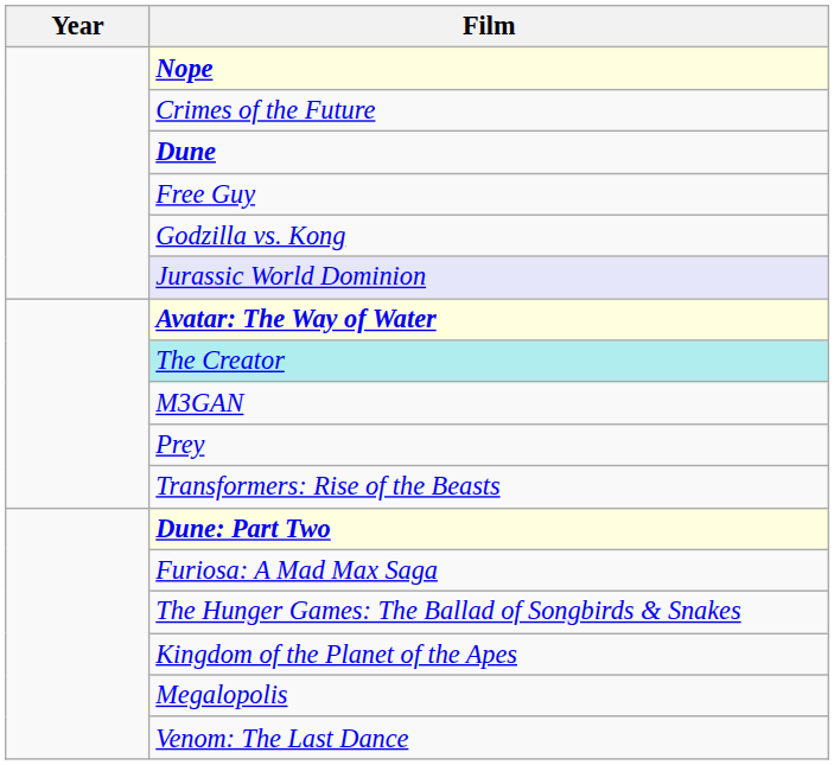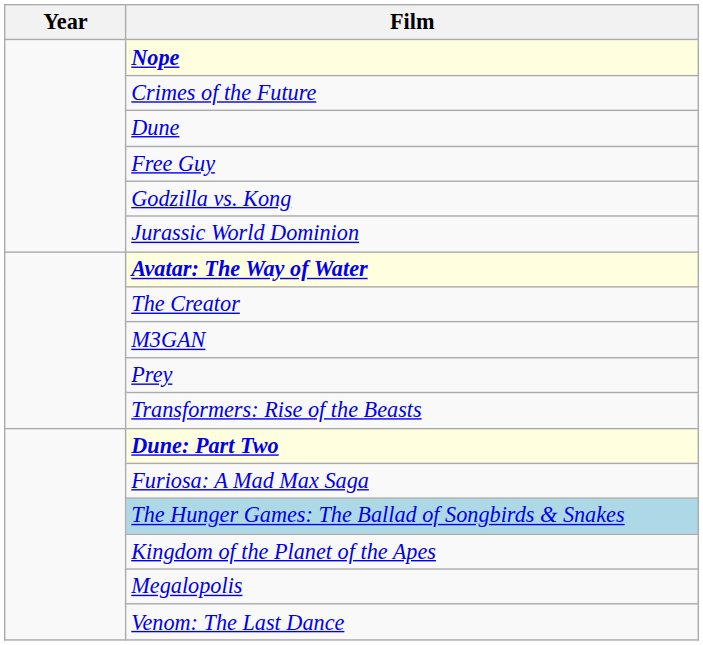 <table width="500" align="centre" class="wikitable">
 <tr>
 <th width="80">Year</th>
 <th>Film</th>
 </tr>
 <tr>
 <td rowspan=6></td>
 <td style="background:lightyellow"><strong><em><a href='#'>Nope</a></em></strong></td>
 </tr>
 <tr>
 <td><em><a href='#'>Crimes of the Future</a></em></td>
 </tr>
 <tr>
-<td><strong><em><a href='#'>Dune</a></em></strong></td>
+<td><em><a href='#'>Dune</a></em></td>
 </tr>
 <tr>
 <td><em><a href='#'>Free Guy</a></em></td>
 </tr>
 <tr>
 <td><em><a href='#'>Godzilla vs. Kong</a></em></td>
 </tr>
 <tr>
-<td style="background: lavender;"><em><a href='#'>Jurassic World Dominion</a></em></td>
+<td><em><a href='#'>Jurassic World Dominion</a></em></td>
 </tr>
 <tr>
 <td rowspan="5"></td>
 <td style="background:lightyellow"><strong><em><a href='#'>Avatar: The Way of Water</a></em></strong></td>
 </tr>
 <tr>
-<td style="background: paleturquoise;"><em><a href='#'>The Creator</a></em></td>
+<td><em><a href='#'>The Creator</a></em></td>
 </tr>
 <tr>
 <td><em><a href='#'>M3GAN</a></em></td>
 </tr>
 <tr>
 <td><em><a href='#'>Prey</a></em></td>
 </tr>
 <tr>
 <td><em><a href='#'>Transformers: Rise of the Beasts</a></em></td>
 </tr>
 <tr>
 <td rowspan="6"></td>
 <td style="background:lightyellow"><strong><em><a href='#'><strong>Dune: Part Two</strong></a></em></strong></td>
 </tr>
 <tr>
 <td><em><a href='#'>Furiosa: A Mad Max Saga</a></em></td>
 </tr>
 <tr>
-<td><em><a href='#'>The Hunger Games: The Ballad of Songbirds & Snakes</a></em></td>
+<td style="background: lightblue;"><em><a href='#'>The Hunger Games: The Ballad of Songbirds & Snakes</a></em></td>
 </tr>
 <tr>
 <td><em><a href='#'>Kingdom of the Planet of the Apes</a></em></td>
 </tr>
 <tr>
 <td><em><a href='#'>Megalopolis</a></em></td>
 </tr>
 <tr>
 <td><em><a href='#'>Venom: The Last Dance</a></em></td>
 </tr>
 </table>
